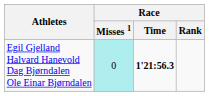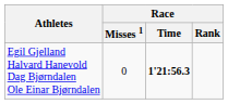 <table class="wikitable" border="1" style="font-size:90%">
 <tr>
 <th rowspan=2>Athletes</th>
 <th colspan=3>Race</th>
 </tr>
 <tr>
 <th>Misses <sup>1</sup></th>
 <th>Time</th>
 <th>Rank</th>
 </tr>
 <tr>
 <td><a href='#'>Egil Gjelland</a><br><a href='#'>Halvard Hanevold</a><br><a href='#'>Dag Bjørndalen</a><br><a href='#'>Ole Einar Bjørndalen</a></td>
-<td align=center style="background: paleturquoise;">0</td>
+<td align=center>0</td>
 <td align=center><strong>1'21:56.3</strong></td>
 <td align=center></td>
 </tr>
 </table>
